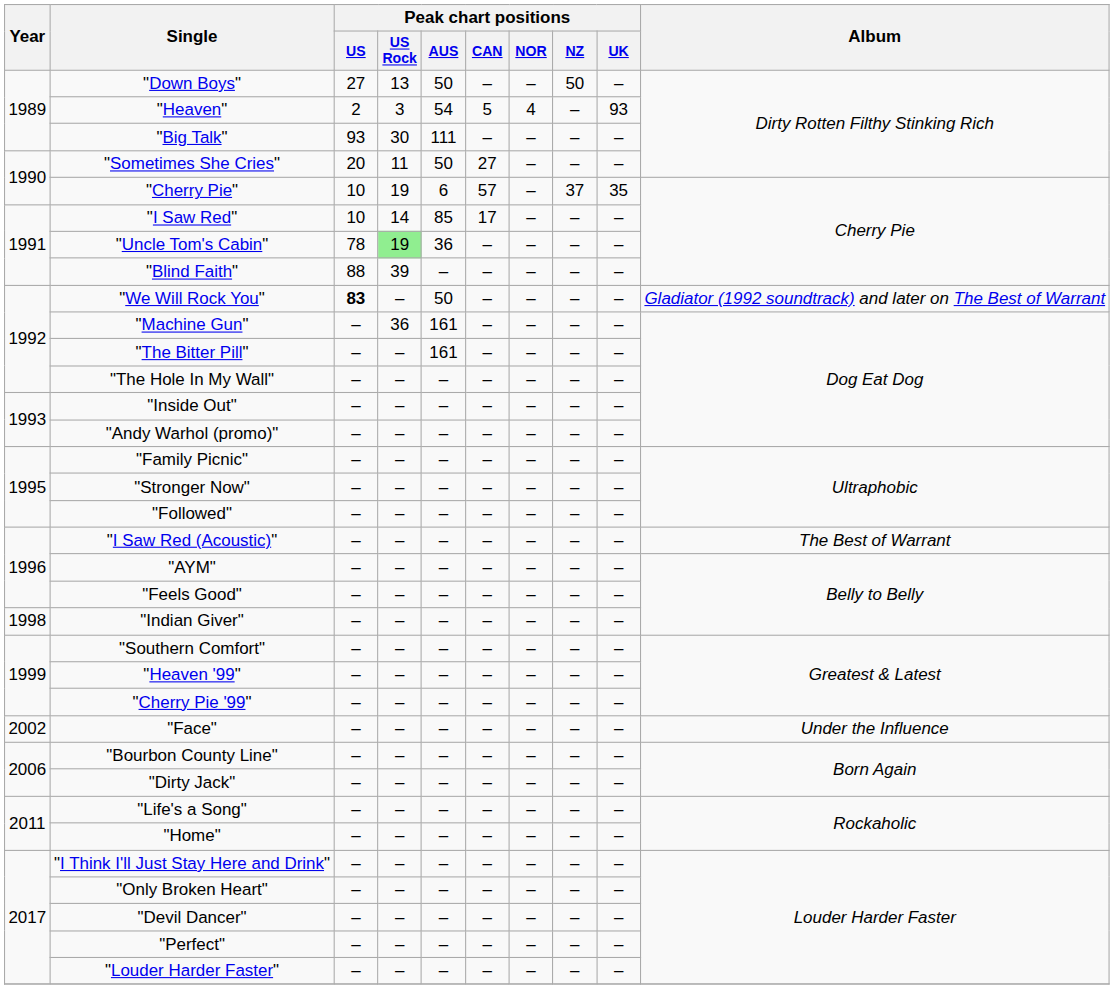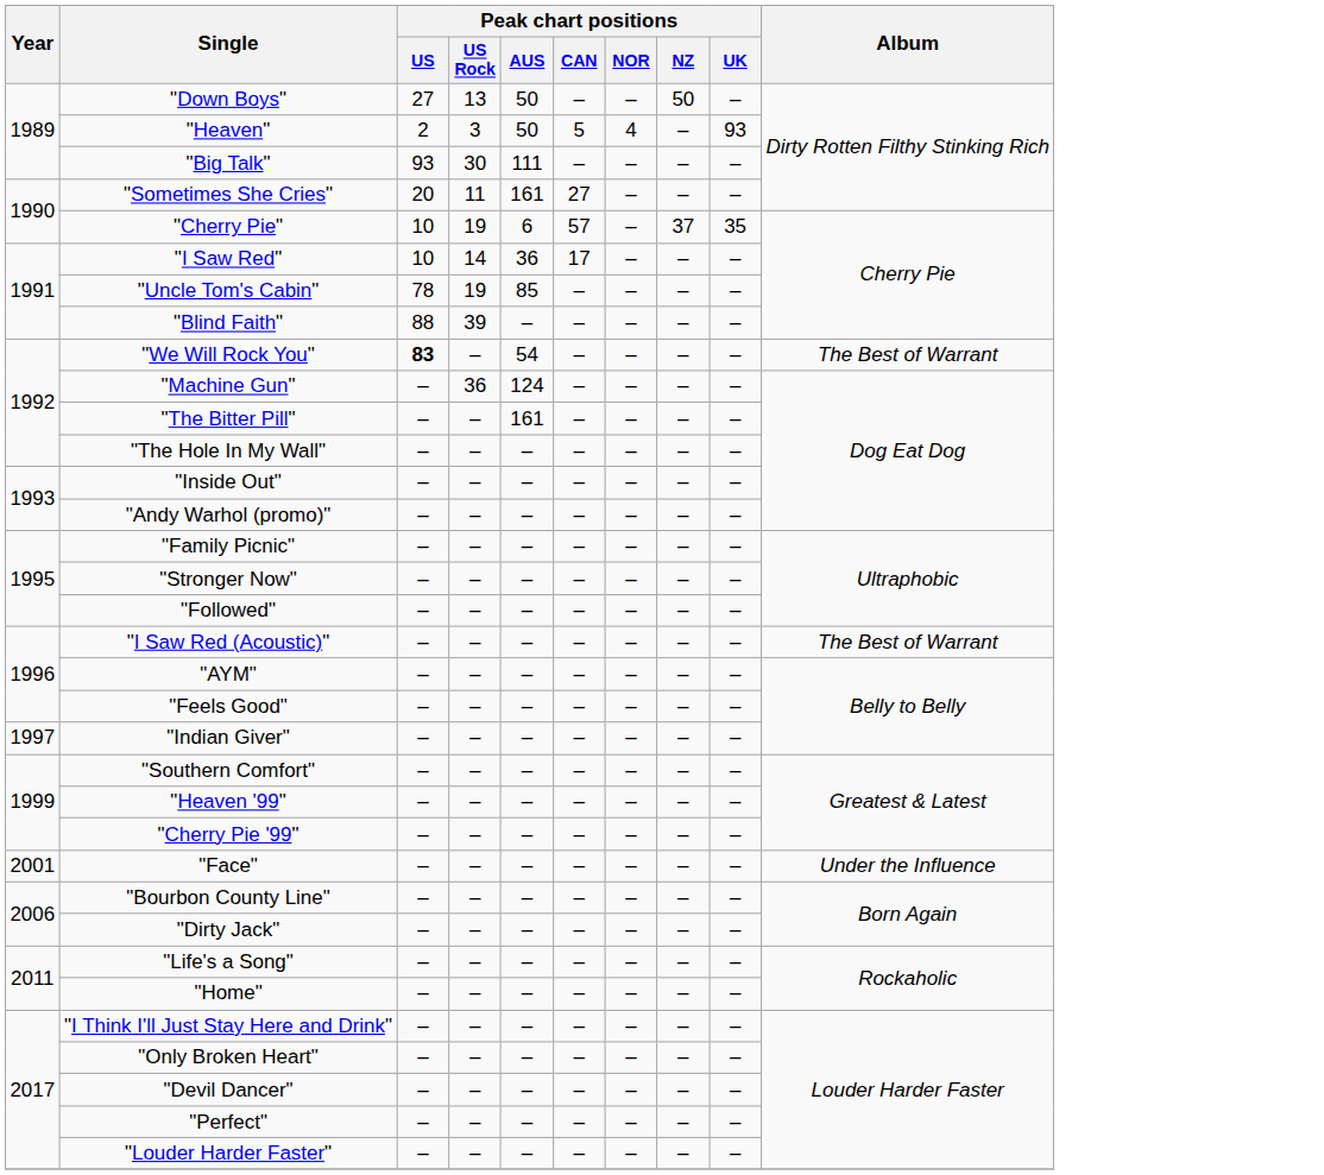 <table class="wikitable" style="text-align:center;">
 <tr>
 <th rowspan="2">Year</th>
 <th rowspan="2">Single</th>
 <th colspan="7">Peak chart positions</th>
 <th rowspan="2">Album</th>
 </tr>
 <tr style="font-size:smaller;">
 <th width="35"><a href='#'>US</a><br></th>
 <th width="35"><a href='#'>US<br>Rock</a><br></th>
 <th width="35"><a href='#'>AUS</a><br></th>
 <th width="35"><a href='#'>CAN</a><br></th>
 <th width="35"><a href='#'>NOR</a><br></th>
 <th width="35"><a href='#'>NZ</a><br></th>
 <th width="35"><a href='#'>UK</a><br></th>
 </tr>
 <tr>
 <td rowspan="3">1989</td>
 <td>"<a href='#'>Down Boys</a>"</td>
 <td style="text-align:center;">27</td>
 <td style="text-align:center;">13</td>
 <td style="text-align:center;">50</td>
 <td style="text-align:center;">–</td>
 <td style="text-align:center;">–</td>
 <td style="text-align:center;">50</td>
 <td style="text-align:center;">–</td>
 <td style="text-align:center;" rowspan="4"><em>Dirty Rotten Filthy Stinking Rich</em></td>
 </tr>
 <tr>
 <td>"<a href='#'>Heaven</a>"</td>
 <td style="text-align:center;">2</td>
 <td style="text-align:center;">3</td>
-<td style="text-align:center;">54</td>
+<td style="text-align:center;">50</td>
 <td style="text-align:center;">5</td>
 <td style="text-align:center;">4</td>
 <td style="text-align:center;">–</td>
 <td style="text-align:center;">93</td>
 </tr>
 <tr>
 <td>"<a href='#'>Big Talk</a>"</td>
 <td style="text-align:center;">93</td>
 <td style="text-align:center;">30</td>
 <td style="text-align:center;">111</td>
 <td style="text-align:center;">–</td>
 <td style="text-align:center;">–</td>
 <td style="text-align:center;">–</td>
 <td style="text-align:center;">–</td>
 </tr>
 <tr>
 <td rowspan="2">1990</td>
 <td>"<a href='#'>Sometimes She Cries</a>"</td>
 <td style="text-align:center;">20</td>
 <td style="text-align:center;">11</td>
-<td style="text-align:center;">50</td>
+<td style="text-align:center;">161</td>
 <td style="text-align:center;">27</td>
 <td style="text-align:center;">–</td>
 <td style="text-align:center;">–</td>
 <td style="text-align:center;">–</td>
 </tr>
 <tr>
 <td>"<a href='#'>Cherry Pie</a>"</td>
 <td style="text-align:center;">10</td>
 <td style="text-align:center;">19</td>
 <td style="text-align:center;">6</td>
 <td style="text-align:center;">57</td>
 <td style="text-align:center;">–</td>
 <td style="text-align:center;">37</td>
 <td style="text-align:center;">35</td>
 <td style="text-align:center;" rowspan="4"><em>Cherry Pie</em></td>
 </tr>
 <tr>
 <td rowspan="3">1991</td>
 <td>"<a href='#'>I Saw Red</a>"</td>
 <td style="text-align:center;">10</td>
 <td style="text-align:center;">14</td>
-<td style="text-align:center;">85</td>
+<td style="text-align:center;">36</td>
 <td style="text-align:center;">17</td>
 <td style="text-align:center;">–</td>
 <td style="text-align:center;">–</td>
 <td style="text-align:center;">–</td>
 </tr>
 <tr>
 <td>"<a href='#'>Uncle Tom's Cabin</a>"</td>
 <td style="text-align:center;">78</td>
-<td style="background: lightgreen; text-align:center;">19</td>
-<td style="text-align:center;">36</td>
+<td style="text-align:center;">19</td>
+<td style="text-align:center;">85</td>
 <td style="text-align:center;">–</td>
 <td style="text-align:center;">–</td>
 <td style="text-align:center;">–</td>
 <td style="text-align:center;">–</td>
 </tr>
 <tr>
 <td>"<a href='#'>Blind Faith</a>"</td>
 <td style="text-align:center;">88</td>
 <td style="text-align:center;">39</td>
 <td style="text-align:center;">–</td>
 <td style="text-align:center;">–</td>
 <td style="text-align:center;">–</td>
 <td style="text-align:center;">–</td>
 <td style="text-align:center;">–</td>
 </tr>
 <tr>
 <td rowspan="4”">1992</td>
 <td>"<a href='#'>We Will Rock You</a>"</td>
 <td style="text-align:center;"><strong>83</strong></td>
 <td style="text-align:center;">–</td>
-<td style="text-align:center;">50</td>
+<td style="text-align:center;">54</td>
 <td style="text-align:center;">–</td>
 <td style="text-align:center;">–</td>
 <td style="text-align:center;">–</td>
 <td style="text-align:center;">–</td>
-<td style="text-align:center;"><em><a href='#'>Gladiator (1992 soundtrack)</a> and later on <a href='#'>The Best of Warrant</a></em></td>
+<td style="text-align:center;"><em>The Best of Warrant</em></td>
 </tr>
 <tr>
 <td>"<a href='#'>Machine Gun</a>"</td>
 <td style="text-align:center;">–</td>
 <td style="text-align:center;">36</td>
-<td style="text-align:center;">161</td>
+<td style="text-align:center;">124</td>
 <td style="text-align:center;">–</td>
 <td style="text-align:center;">–</td>
 <td style="text-align:center;">–</td>
 <td style="text-align:center;">–</td>
 <td style="text-align:center;" rowspan="5”"><em>Dog Eat Dog</em></td>
 </tr>
 <tr>
 <td>"<a href='#'>The Bitter Pill</a>"</td>
 <td style="text-align:center;">–</td>
 <td style="text-align:center;">–</td>
 <td style="text-align:center;">161</td>
 <td style="text-align:center;">–</td>
 <td style="text-align:center;">–</td>
 <td style="text-align:center;">–</td>
 <td style="text-align:center;">–</td>
 </tr>
 <tr>
 <td>"The Hole In My Wall"</td>
 <td style="text-align:center;">–</td>
 <td style="text-align:center;">–</td>
 <td style="text-align:center;">–</td>
 <td style="text-align:center;">–</td>
 <td style="text-align:center;">–</td>
 <td style="text-align:center;">–</td>
 <td style="text-align:center;">–</td>
 </tr>
 <tr>
 <td rowspan="2">1993</td>
 <td>"Inside Out"</td>
 <td style="text-align:center;">–</td>
 <td style="text-align:center;">–</td>
 <td style="text-align:center;">–</td>
 <td style="text-align:center;">–</td>
 <td style="text-align:center;">–</td>
 <td style="text-align:center;">–</td>
 <td style="text-align:center;">–</td>
 </tr>
 <tr>
 <td>"Andy Warhol (promo)"</td>
 <td style="text-align:center;">–</td>
 <td style="text-align:center;">–</td>
 <td style="text-align:center;">–</td>
 <td style="text-align:center;">–</td>
 <td style="text-align:center;">–</td>
 <td style="text-align:center;">–</td>
 <td style="text-align:center;">–</td>
 </tr>
 <tr>
 <td rowspan="3">1995</td>
 <td>"Family Picnic"</td>
 <td style="text-align:center;">–</td>
 <td style="text-align:center;">–</td>
 <td style="text-align:center;">–</td>
 <td style="text-align:center;">–</td>
 <td style="text-align:center;">–</td>
 <td style="text-align:center;">–</td>
 <td style="text-align:center;">–</td>
 <td style="text-align:center;" rowspan="3"><em>Ultraphobic</em></td>
 </tr>
 <tr>
 <td>"Stronger Now"</td>
 <td style="text-align:center;">–</td>
 <td style="text-align:center;">–</td>
 <td style="text-align:center;">–</td>
 <td style="text-align:center;">–</td>
 <td style="text-align:center;">–</td>
 <td style="text-align:center;">–</td>
 <td style="text-align:center;">–</td>
 </tr>
 <tr>
 <td>"Followed"</td>
 <td style="text-align:center;">–</td>
 <td style="text-align:center;">–</td>
 <td style="text-align:center;">–</td>
 <td style="text-align:center;">–</td>
 <td style="text-align:center;">–</td>
 <td style="text-align:center;">–</td>
 <td style="text-align:center;">–</td>
 </tr>
 <tr>
 <td rowspan="3">1996</td>
 <td>"<a href='#'>I Saw Red (Acoustic)</a>"</td>
 <td style="text-align:center;">–</td>
 <td style="text-align:center;">–</td>
 <td style="text-align:center;">–</td>
 <td style="text-align:center;">–</td>
 <td style="text-align:center;">–</td>
 <td style="text-align:center;">–</td>
 <td style="text-align:center;">–</td>
 <td style="text-align:center;"><em>The Best of Warrant</em></td>
 </tr>
 <tr>
 <td>"AYM"</td>
 <td style="text-align:center;">–</td>
 <td style="text-align:center;">–</td>
 <td style="text-align:center;">–</td>
 <td style="text-align:center;">–</td>
 <td style="text-align:center;">–</td>
 <td style="text-align:center;">–</td>
 <td style="text-align:center;">–</td>
 <td style="text-align:center;" rowspan="3"><em>Belly to Belly</em></td>
 </tr>
 <tr>
 <td>"Feels Good"</td>
 <td style="text-align:center;">–</td>
 <td style="text-align:center;">–</td>
 <td style="text-align:center;">–</td>
 <td style="text-align:center;">–</td>
 <td style="text-align:center;">–</td>
 <td style="text-align:center;">–</td>
 <td style="text-align:center;">–</td>
 </tr>
 <tr>
-<td rowspan="1">1998</td>
+<td rowspan="1">1997</td>
 <td>"Indian Giver"</td>
 <td style="text-align:center;">–</td>
 <td style="text-align:center;">–</td>
 <td style="text-align:center;">–</td>
 <td style="text-align:center;">–</td>
 <td style="text-align:center;">–</td>
 <td style="text-align:center;">–</td>
 <td style="text-align:center;">–</td>
 </tr>
 <tr>
 <td rowspan="3">1999</td>
 <td>"Southern Comfort"</td>
 <td style="text-align:center;">–</td>
 <td style="text-align:center;">–</td>
 <td style="text-align:center;">–</td>
 <td style="text-align:center;">–</td>
 <td style="text-align:center;">–</td>
 <td style="text-align:center;">–</td>
 <td style="text-align:center;">–</td>
 <td style="text-align:center;" rowspan="3"><em>Greatest & Latest</em></td>
 </tr>
 <tr>
 <td>"<a href='#'>Heaven '99</a>"</td>
 <td style="text-align:center;">–</td>
 <td style="text-align:center;">–</td>
 <td style="text-align:center;">–</td>
 <td style="text-align:center;">–</td>
 <td style="text-align:center;">–</td>
 <td style="text-align:center;">–</td>
 <td style="text-align:center;">–</td>
 </tr>
 <tr>
 <td>"<a href='#'>Cherry Pie '99</a>"</td>
 <td style="text-align:center;">–</td>
 <td style="text-align:center;">–</td>
 <td style="text-align:center;">–</td>
 <td style="text-align:center;">–</td>
 <td style="text-align:center;">–</td>
 <td style="text-align:center;">–</td>
 <td style="text-align:center;">–</td>
 </tr>
 <tr>
-<td>2002</td>
+<td>2001</td>
 <td>"Face"</td>
 <td style="text-align:center;">–</td>
 <td style="text-align:center;">–</td>
 <td style="text-align:center;">–</td>
 <td style="text-align:center;">–</td>
 <td style="text-align:center;">–</td>
 <td style="text-align:center;">–</td>
 <td style="text-align:center;">–</td>
 <td style="text-align:center;"><em>Under the Influence</em></td>
 </tr>
 <tr>
 <td rowspan="2">2006</td>
 <td>"Bourbon County Line"</td>
 <td style="text-align:center;">–</td>
 <td style="text-align:center;">–</td>
 <td style="text-align:center;">–</td>
 <td style="text-align:center;">–</td>
 <td style="text-align:center;">–</td>
 <td style="text-align:center;">–</td>
 <td style="text-align:center;">–</td>
 <td style="text-align:center;" rowspan="2"><em>Born Again</em></td>
 </tr>
 <tr>
 <td>"Dirty Jack"</td>
 <td style="text-align:center;">–</td>
 <td style="text-align:center;">–</td>
 <td style="text-align:center;">–</td>
 <td style="text-align:center;">–</td>
 <td style="text-align:center;">–</td>
 <td style="text-align:center;">–</td>
 <td style="text-align:center;">–</td>
 </tr>
 <tr>
 <td rowspan="2">2011</td>
 <td>"Life's a Song"</td>
 <td style="text-align:center;">–</td>
 <td style="text-align:center;">–</td>
 <td style="text-align:center;">–</td>
 <td style="text-align:center;">–</td>
 <td style="text-align:center;">–</td>
 <td style="text-align:center;">–</td>
 <td style="text-align:center;">–</td>
 <td style="text-align:center;" rowspan="2"><em>Rockaholic</em></td>
 </tr>
 <tr>
 <td>"Home"</td>
 <td style="text-align:center;">–</td>
 <td style="text-align:center;">–</td>
 <td style="text-align:center;">–</td>
 <td style="text-align:center;">–</td>
 <td style="text-align:center;">–</td>
 <td style="text-align:center;">–</td>
 <td style="text-align:center;">–</td>
 </tr>
 <tr>
 <td rowspan="5">2017</td>
 <td>"<a href='#'>I Think I'll Just Stay Here and Drink</a>"</td>
 <td style="text-align:center;">–</td>
 <td style="text-align:center;">–</td>
 <td style="text-align:center;">–</td>
 <td style="text-align:center;">–</td>
 <td style="text-align:center;">–</td>
 <td style="text-align:center;">–</td>
 <td style="text-align:center;">–</td>
 <td style="text-align:center;" rowspan="5"><em>Louder Harder Faster</em></td>
 </tr>
 <tr>
 <td>"Only Broken Heart"</td>
 <td style="text-align:center;">–</td>
 <td style="text-align:center;">–</td>
 <td style="text-align:center;">–</td>
 <td style="text-align:center;">–</td>
 <td style="text-align:center;">–</td>
 <td style="text-align:center;">–</td>
 <td style="text-align:center;">–</td>
 </tr>
 <tr>
 <td>"Devil Dancer"</td>
 <td style="text-align:center;">–</td>
 <td style="text-align:center;">–</td>
 <td style="text-align:center;">–</td>
 <td style="text-align:center;">–</td>
 <td style="text-align:center;">–</td>
 <td style="text-align:center;">–</td>
 <td style="text-align:center;">–</td>
 </tr>
 <tr>
 <td>"Perfect"</td>
 <td style="text-align:center;">–</td>
 <td style="text-align:center;">–</td>
 <td style="text-align:center;">–</td>
 <td style="text-align:center;">–</td>
 <td style="text-align:center;">–</td>
 <td style="text-align:center;">–</td>
 <td style="text-align:center;">–</td>
 </tr>
 <tr>
 <td>"<a href='#'>Louder Harder Faster</a>"</td>
 <td style="text-align:center;">–</td>
 <td style="text-align:center;">–</td>
 <td style="text-align:center;">–</td>
 <td style="text-align:center;">–</td>
 <td style="text-align:center;">–</td>
 <td style="text-align:center;">–</td>
 <td style="text-align:center;">–</td>
 </tr>
 <tr>
 </tr>
 </table>
